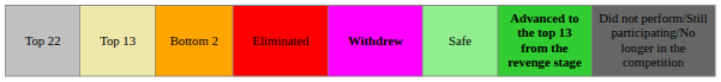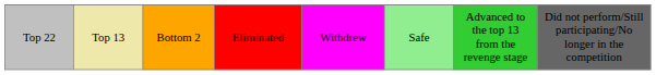 <table border="2" cellpadding="8" style="margin:1em auto; background:silver; border:1px solid gray; border-collapse:collapse; text-align:center;">
 <tr>
 </tr>
 <tr>
 <td width="7%">Top 22</td>
 <td style="background:palegoldenrod;" width="7%">Top 13</td>
 <td style="background:orange;" width="7%">Bottom 2</td>
 <td style="background:red;" width="7%">Eliminated</td>
-<td style="background:magenta;" width="7%"><strong>Withdrew</strong></td>
+<td style="background:magenta;" width="7%">Withdrew</td>
 <td style="background:lightgreen;" width="7%">Safe</td>
-<td style="background:limegreen;" width="7%"><strong>Advanced to the top 13 from the revenge stage</strong></td>
+<td style="background:limegreen;" width="7%">Advanced to the top 13 from the revenge stage</td>
 <td style="background:#666666;" width="7%">Did not perform/Still participating/No longer in the competition</td>
 </tr>
 </table>
